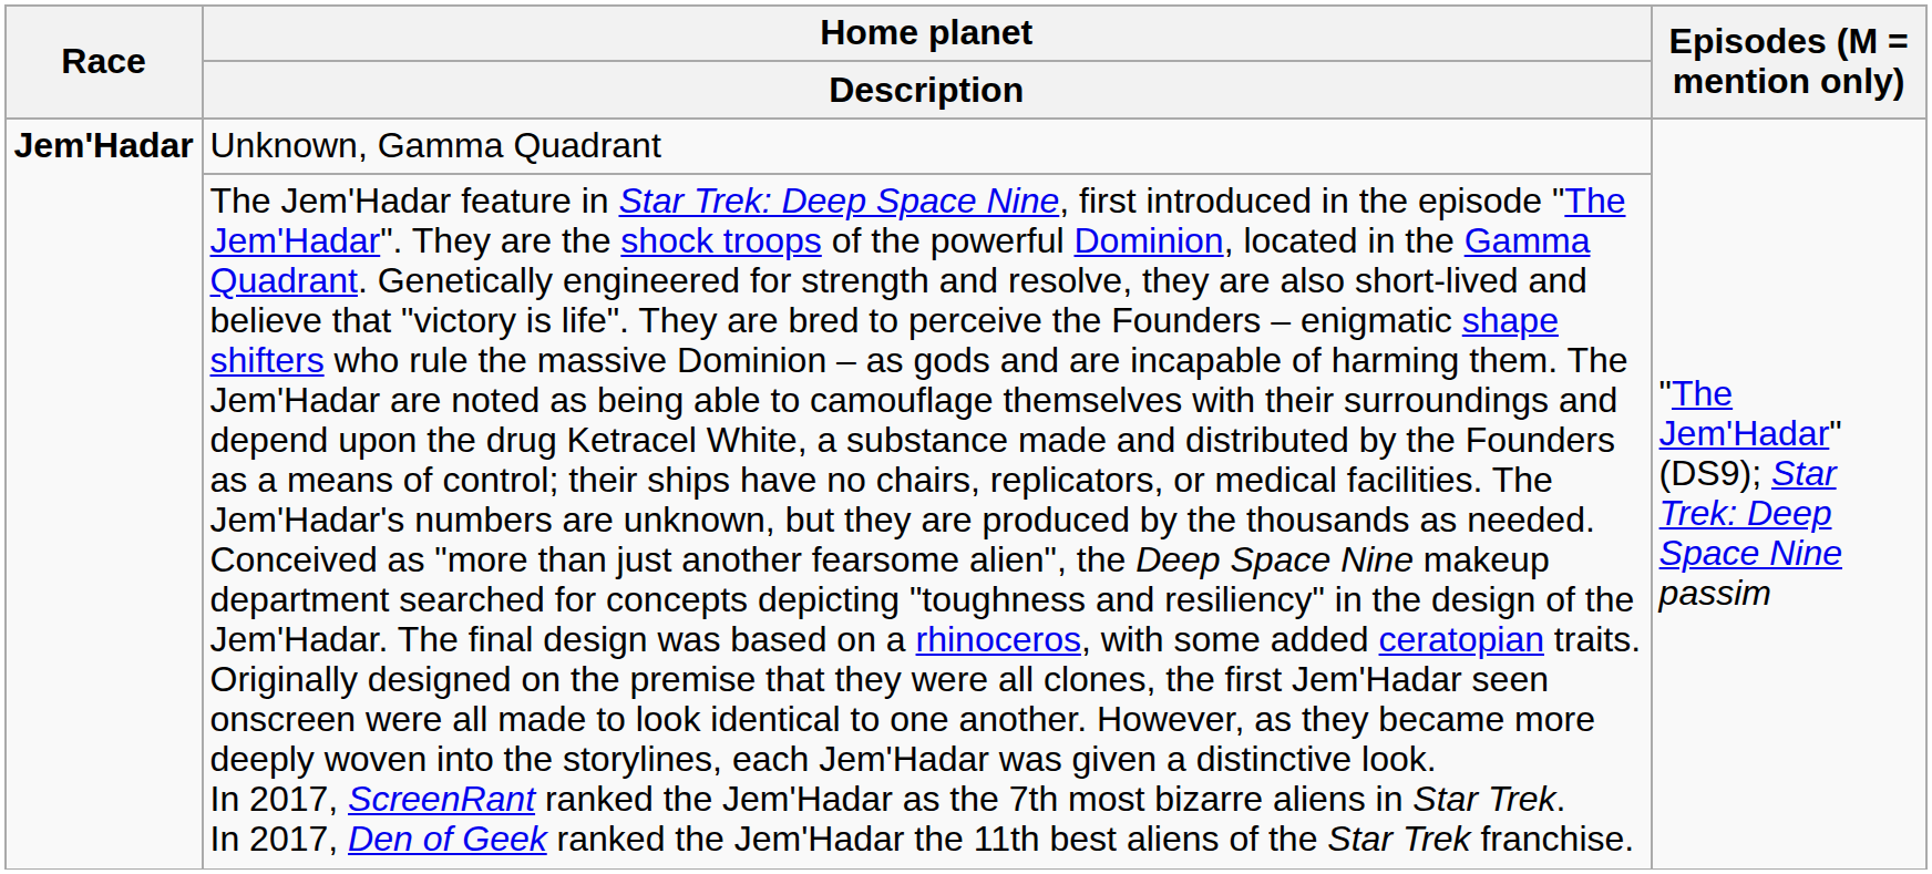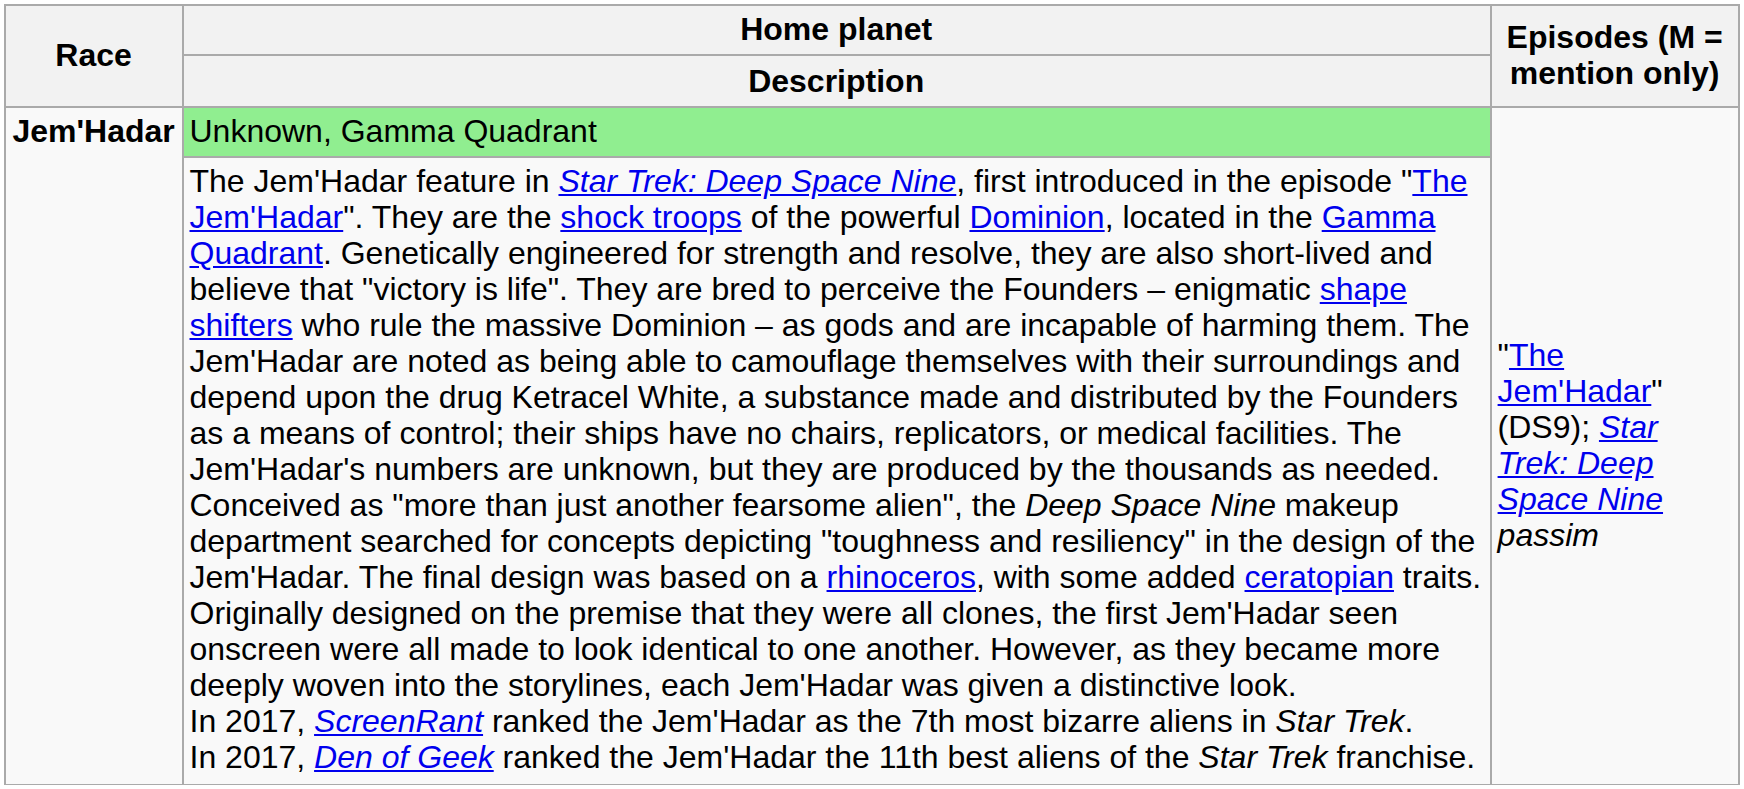 <table class="wikitable">
 <tr>
 <th rowspan="2">Race</th>
 <th>Home planet</th>
 <th rowspan="2">Episodes (M = mention only)</th>
 </tr>
 <tr>
 <th>Description</th>
 </tr>
 <tr>
 <td rowspan="2" style="vertical-align: top;"><strong>Jem'Hadar</strong> </td>
-<td>Unknown, Gamma Quadrant</td>
+<td style="background: lightgreen;">Unknown, Gamma Quadrant</td>
 <td rowspan="2">"<a href='#'>The Jem'Hadar</a>" (DS9); <em><a href='#'>Star Trek: Deep Space Nine</a> passim</em></td>
 </tr>
 <tr>
 <td>The Jem'Hadar feature in <em><a href='#'>Star Trek: Deep Space Nine</a></em>, first introduced in the episode "<a href='#'>The Jem'Hadar</a>". They are the <a href='#'>shock troops</a> of the powerful <a href='#'>Dominion</a>, located in the <a href='#'>Gamma Quadrant</a>. Genetically engineered for strength and resolve, they are also short-lived and believe that "victory is life". They are bred to perceive the Founders – enigmatic <a href='#'>shape shifters</a> who rule the massive Dominion – as gods and are incapable of harming them. The Jem'Hadar are noted as being able to camouflage themselves with their surroundings and depend upon the drug Ketracel White, a substance made and distributed by the Founders as a means of control; their ships have no chairs, replicators, or medical facilities. The Jem'Hadar's numbers are unknown, but they are produced by the thousands as needed.<br>Conceived as "more than just another fearsome alien", the <em>Deep Space Nine</em> makeup department searched for concepts depicting "toughness and resiliency" in the design of the Jem'Hadar. The final design was based on a <a href='#'>rhinoceros</a>, with some added <a href='#'>ceratopian</a> traits. Originally designed on the premise that they were all clones, the first Jem'Hadar seen onscreen were all made to look identical to one another. However, as they became more deeply woven into the storylines, each Jem'Hadar was given a distinctive look.<br>In 2017, <em><a href='#'>ScreenRant</a></em> ranked the Jem'Hadar as the 7th most bizarre aliens in <em>Star Trek</em>.<br>In 2017, <em><a href='#'>Den of Geek</a></em> ranked the Jem'Hadar the 11th best aliens of the <em>Star Trek</em> franchise.</td>
 </tr>
 </table>
